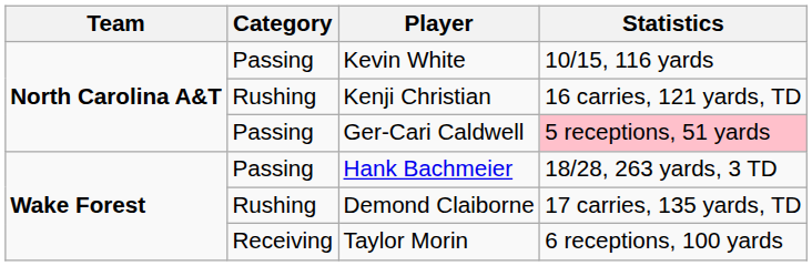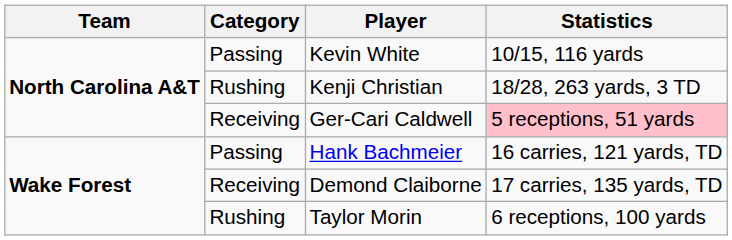 <table class="wikitable" style="float: right;">
 <tr>
 <th>Team</th>
 <th>Category</th>
 <th>Player</th>
 <th>Statistics</th>
 </tr>
 <tr>
 <td rowspan=3><strong>North Carolina A&T</strong></td>
 <td>Passing</td>
 <td>Kevin White</td>
 <td>10/15, 116 yards</td>
 </tr>
 <tr>
 <td>Rushing</td>
 <td>Kenji Christian</td>
-<td>16 carries, 121 yards, TD</td>
+<td>18/28, 263 yards, 3 TD</td>
 </tr>
 <tr>
-<td>Passing</td>
+<td>Receiving</td>
 <td>Ger-Cari Caldwell</td>
 <td style="background: pink;">5 receptions, 51 yards</td>
 </tr>
 <tr>
 <td rowspan=3><strong>Wake Forest</strong></td>
 <td>Passing</td>
 <td><a href='#'>Hank Bachmeier</a></td>
-<td>18/28, 263 yards, 3 TD</td>
+<td>16 carries, 121 yards, TD</td>
 </tr>
 <tr>
-<td>Rushing</td>
+<td>Receiving</td>
 <td>Demond Claiborne</td>
 <td>17 carries, 135 yards, TD</td>
 </tr>
 <tr>
-<td>Receiving</td>
+<td>Rushing</td>
 <td>Taylor Morin</td>
 <td>6 receptions, 100 yards</td>
 </tr>
 </table>
